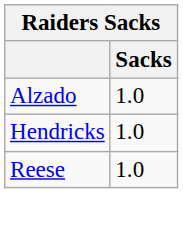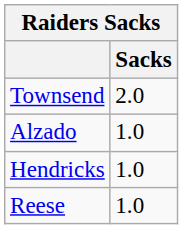 <table class="wikitable">
 <tr>
 <th colspan="2">Raiders Sacks</th>
 </tr>
 <tr>
 <th></th>
 <th>Sacks</th>
+</tr>
+<tr>
+<td><a href='#'>Townsend</a></td>
+<td>2.0</td>
 </tr>
 <tr>
 <td><a href='#'>Alzado</a></td>
 <td>1.0</td>
 </tr>
 <tr>
 <td><a href='#'>Hendricks</a></td>
 <td>1.0</td>
 </tr>
 <tr>
 <td><a href='#'>Reese</a></td>
 <td>1.0</td>
 </tr>
 </table>
